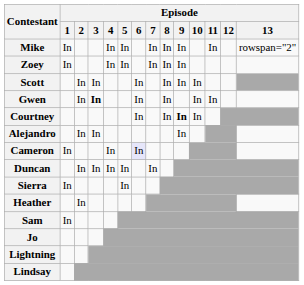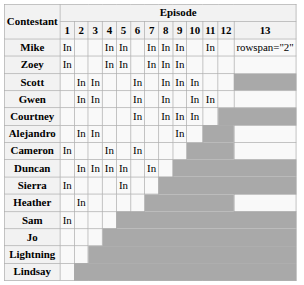 <table class="wikitable" style="text-align: center;">
 <tr>
 <th rowspan="2">Contestant</th>
 <th colspan="100%">Episode</th>
 </tr>
 <tr>
 <th>1</th>
 <th>2</th>
 <th>3</th>
 <th>4</th>
 <th>5</th>
 <th>6</th>
 <th>7</th>
 <th>8</th>
 <th>9</th>
 <th>10</th>
 <th>11</th>
 <th>12</th>
 <th>13</th>
 </tr>
 <tr>
 <th scope="row">Mike</th>
 <td>In</td>
 <td></td>
 <td></td>
 <td>In</td>
 <td>In</td>
 <td></td>
 <td>In</td>
 <td>In</td>
 <td>In</td>
 <td></td>
 <td>In</td>
 <td></td>
 <td>rowspan="2" </td>
 </tr>
 <tr>
 <th scope="row">Zoey</th>
 <td>In</td>
 <td></td>
 <td></td>
 <td>In</td>
 <td>In</td>
 <td></td>
 <td>In</td>
 <td>In</td>
 <td>In</td>
 <td></td>
 <td></td>
 <td></td>
 </tr>
 <tr>
 <th scope="row">Scott</th>
 <td></td>
 <td>In</td>
 <td>In</td>
 <td></td>
 <td></td>
 <td>In</td>
 <td></td>
 <td>In</td>
 <td>In</td>
 <td>In</td>
 <td></td>
 <td></td>
 <td colspan="100%" style="background:darkgray; border:none;"></td>
 </tr>
 <tr>
 <th scope="row">Gwen</th>
 <td></td>
 <td>In</td>
-<td><strong>In</strong></td>
+<td>In</td>
 <td></td>
 <td></td>
 <td>In</td>
 <td></td>
 <td>In</td>
 <td></td>
 <td>In</td>
 <td>In</td>
 <td></td>
 <td></td>
 </tr>
 <tr>
 <th scope="row">Courtney</th>
 <td></td>
 <td></td>
 <td></td>
 <td></td>
 <td></td>
 <td>In</td>
 <td></td>
 <td>In</td>
-<td><strong>In</strong></td>
+<td>In</td>
 <td>In</td>
 <td></td>
 <td colspan="100%" style="background:darkgray; border:none;"></td>
 </tr>
 <tr>
 <th scope="row">Alejandro</th>
 <td></td>
 <td>In</td>
 <td>In</td>
 <td></td>
 <td></td>
 <td></td>
 <td></td>
 <td></td>
 <td>In</td>
 <td></td>
 <td colspan="2" style="background:darkgray; border:none;"></td>
 <td></td>
 </tr>
 <tr>
 <th scope="row">Cameron</th>
 <td>In</td>
 <td></td>
 <td></td>
 <td>In</td>
 <td></td>
-<td style="background: lavender;">In</td>
+<td>In</td>
 <td></td>
 <td></td>
 <td></td>
 <td colspan="3" style="background:darkgray; border:none;"></td>
 <td></td>
 </tr>
 <tr>
 <th scope="row">Duncan</th>
 <td></td>
 <td>In</td>
 <td>In</td>
 <td>In</td>
 <td>In</td>
 <td></td>
 <td>In</td>
 <td></td>
 <td colspan="100%" style="background:darkgray; border:none;"></td>
 </tr>
 <tr>
 <th scope="row">Sierra</th>
 <td>In</td>
 <td></td>
 <td></td>
 <td></td>
 <td>In</td>
 <td></td>
 <td></td>
 <td colspan="100%" style="background:darkgray; border:none;"></td>
 </tr>
 <tr>
 <th scope="row">Heather</th>
 <td></td>
 <td>In</td>
 <td></td>
 <td></td>
 <td></td>
 <td></td>
 <td colspan="6" style="background:darkgray; border:none;"></td>
 <td></td>
 </tr>
 <tr>
 <th scope="row">Sam</th>
 <td>In</td>
 <td></td>
 <td></td>
 <td></td>
 <td colspan="100%" style="background:darkgray; border:none;"></td>
 </tr>
 <tr>
 <th scope="row">Jo</th>
 <td></td>
 <td></td>
 <td></td>
 <td colspan="100%" style="background:darkgray; border:none;"></td>
 </tr>
 <tr>
 <th scope="row">Lightning</th>
 <td></td>
 <td></td>
 <td colspan="100%" style="background:darkgray; border:none;"></td>
 </tr>
 <tr>
 <th scope="row">Lindsay</th>
 <td></td>
 <td colspan="100%" style="background:darkgray; border:none;"></td>
 </tr>
 </table>
